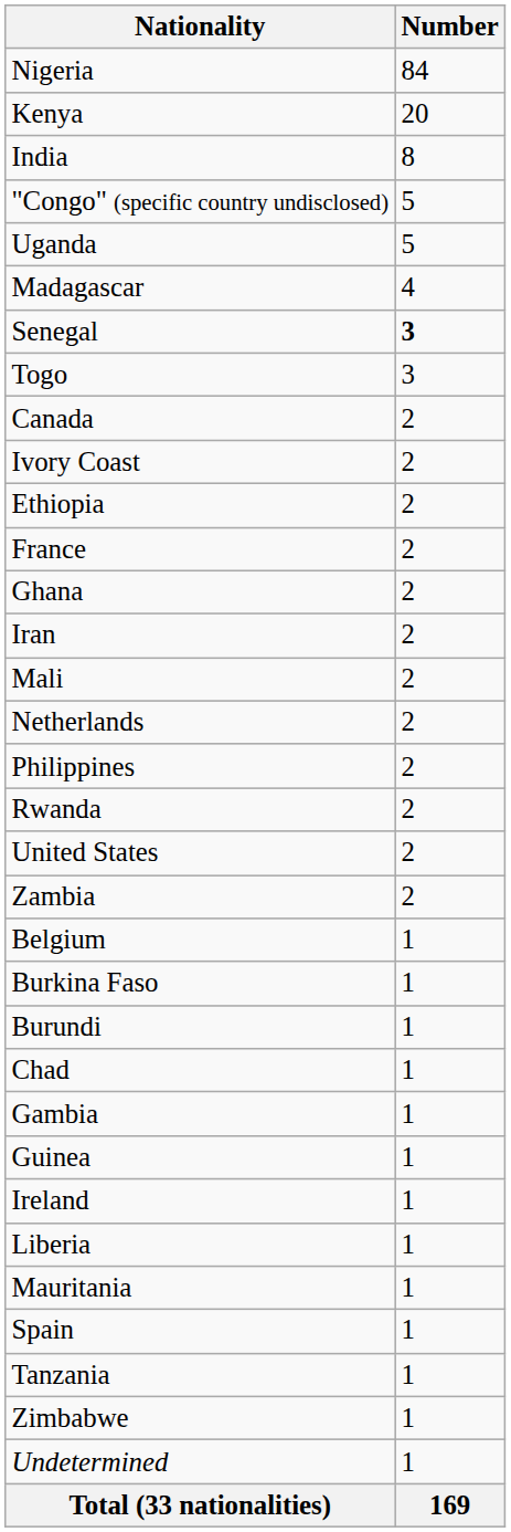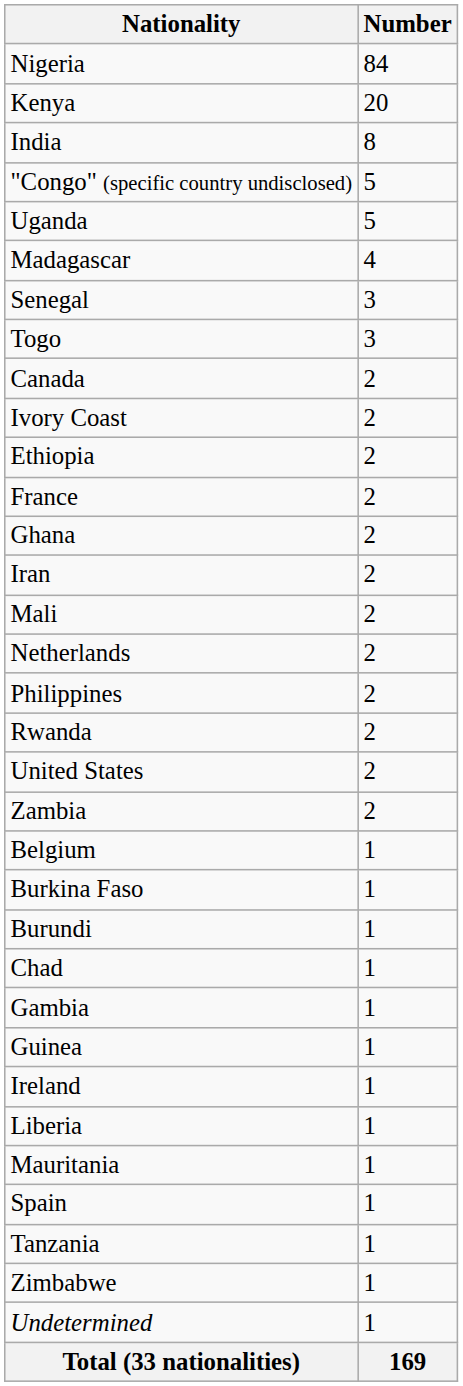 <table class="wikitable sortable">
 <tr>
 <th scope=col>Nationality</th>
 <th scope=col>Number</th>
 </tr>
 <tr>
 <td align=left>Nigeria</td>
 <td>84</td>
 </tr>
 <tr>
 <td align=left>Kenya</td>
 <td>20</td>
 </tr>
 <tr>
 <td align=left>India</td>
 <td>8</td>
 </tr>
 <tr>
 <td align=left>"Congo" <small>(specific country undisclosed)</small></td>
 <td>5</td>
 </tr>
 <tr>
 <td align=left>Uganda</td>
 <td>5</td>
 </tr>
 <tr>
 <td align=left>Madagascar</td>
 <td>4</td>
 </tr>
 <tr>
 <td align=left>Senegal</td>
-<td><strong>3</strong></td>
+<td>3</td>
 </tr>
 <tr>
 <td align=left>Togo</td>
 <td>3</td>
 </tr>
 <tr>
 <td align=left>Canada</td>
 <td>2</td>
 </tr>
 <tr>
 <td align=left>Ivory Coast</td>
 <td>2</td>
 </tr>
 <tr>
 <td align=left>Ethiopia</td>
 <td>2</td>
 </tr>
 <tr>
 <td align=left>France</td>
 <td>2</td>
 </tr>
 <tr>
 <td align=left>Ghana</td>
 <td>2</td>
 </tr>
 <tr>
 <td align=left>Iran</td>
 <td>2</td>
 </tr>
 <tr>
 <td align=left>Mali</td>
 <td>2</td>
 </tr>
 <tr>
 <td align=left>Netherlands</td>
 <td>2</td>
 </tr>
 <tr>
 <td align=left>Philippines</td>
 <td>2</td>
 </tr>
 <tr>
 <td align=left>Rwanda</td>
 <td>2</td>
 </tr>
 <tr>
 <td align=left>United States</td>
 <td>2</td>
 </tr>
 <tr>
 <td align=left>Zambia</td>
 <td>2</td>
 </tr>
 <tr>
 <td align=left>Belgium</td>
 <td>1</td>
 </tr>
 <tr>
 <td align=left>Burkina Faso</td>
 <td>1</td>
 </tr>
 <tr>
 <td align=left>Burundi</td>
 <td>1</td>
 </tr>
 <tr>
 <td align=left>Chad</td>
 <td>1</td>
 </tr>
 <tr>
 <td align=left>Gambia</td>
 <td>1</td>
 </tr>
 <tr>
 <td align=left>Guinea</td>
 <td>1</td>
 </tr>
 <tr>
 <td align=left>Ireland</td>
 <td>1</td>
 </tr>
 <tr>
 <td align=left>Liberia</td>
 <td>1</td>
 </tr>
 <tr>
 <td align=left>Mauritania</td>
 <td>1</td>
 </tr>
 <tr>
 <td align=left>Spain</td>
 <td>1</td>
 </tr>
 <tr>
 <td align=left>Tanzania</td>
 <td>1</td>
 </tr>
 <tr>
 <td align=left>Zimbabwe</td>
 <td>1</td>
 </tr>
 <tr>
 <td align=left><em>Undetermined</em></td>
 <td>1</td>
 </tr>
 <tr class="unsortable">
 <th>Total (33 nationalities)</th>
 <th>169</th>
 </tr>
 </table>
